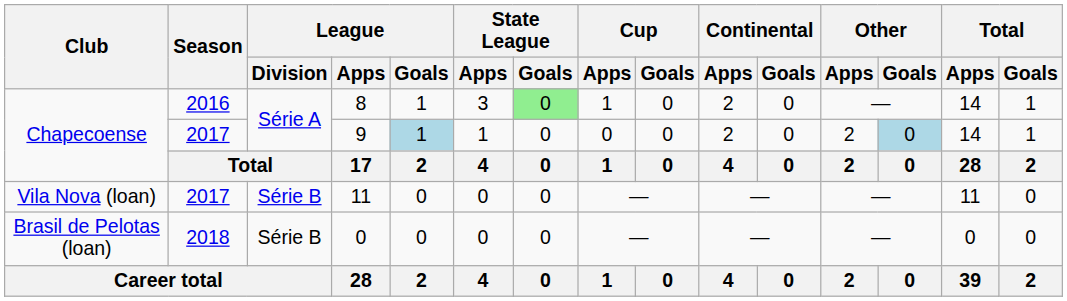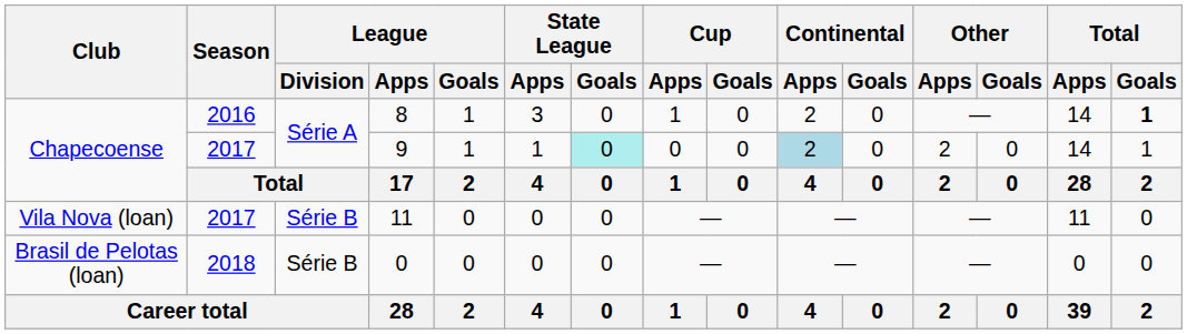 <table class="wikitable" style="text-align:center">
 <tr>
 <th rowspan="2">Club</th>
 <th rowspan="2">Season</th>
 <th colspan="3">League</th>
 <th colspan="2">State League</th>
 <th colspan="2">Cup</th>
 <th colspan="2">Continental</th>
 <th colspan="2">Other</th>
 <th colspan="2">Total</th>
 </tr>
 <tr>
 <th>Division</th>
 <th>Apps</th>
 <th>Goals</th>
 <th>Apps</th>
 <th>Goals</th>
 <th>Apps</th>
 <th>Goals</th>
 <th>Apps</th>
 <th>Goals</th>
 <th>Apps</th>
 <th>Goals</th>
 <th>Apps</th>
 <th>Goals</th>
 </tr>
 <tr>
 <td rowspan="3"><a href='#'>Chapecoense</a></td>
 <td><a href='#'>2016</a></td>
 <td rowspan="2"><a href='#'>Série A</a></td>
 <td>8</td>
 <td>1</td>
 <td>3</td>
-<td style="background: lightgreen;">0</td>
+<td>0</td>
 <td>1</td>
 <td>0</td>
 <td>2</td>
 <td>0</td>
 <td colspan="2">—</td>
 <td>14</td>
-<td>1</td>
+<td><strong>1</strong></td>
 </tr>
 <tr>
 <td><a href='#'>2017</a></td>
 <td>9</td>
-<td style="background: lightblue;">1</td>
 <td>1</td>
+<td>1</td>
+<td style="background: paleturquoise;">0</td>
 <td>0</td>
 <td>0</td>
+<td style="background: lightblue;">2</td>
 <td>0</td>
 <td>2</td>
 <td>0</td>
-<td>2</td>
-<td style="background: lightblue;">0</td>
 <td>14</td>
 <td>1</td>
 </tr>
 <tr>
 <th colspan="2">Total</th>
 <th>17</th>
 <th>2</th>
 <th>4</th>
 <th>0</th>
 <th>1</th>
 <th>0</th>
 <th>4</th>
 <th>0</th>
 <th>2</th>
 <th>0</th>
 <th>28</th>
 <th>2</th>
 </tr>
 <tr>
 <td><a href='#'>Vila Nova</a> (loan)</td>
 <td><a href='#'>2017</a></td>
 <td><a href='#'>Série B</a></td>
 <td>11</td>
 <td>0</td>
 <td>0</td>
 <td>0</td>
 <td colspan="2">—</td>
 <td colspan="2">—</td>
 <td colspan="2">—</td>
 <td>11</td>
 <td>0</td>
 </tr>
 <tr>
 <td><a href='#'>Brasil de Pelotas</a> (loan)</td>
 <td><a href='#'>2018</a></td>
 <td>Série B</td>
 <td>0</td>
 <td>0</td>
 <td>0</td>
 <td>0</td>
 <td colspan="2">—</td>
 <td colspan="2">—</td>
 <td colspan="2">—</td>
 <td>0</td>
 <td>0</td>
 </tr>
 <tr>
 <th colspan="3">Career total</th>
 <th>28</th>
 <th>2</th>
 <th>4</th>
 <th>0</th>
 <th>1</th>
 <th>0</th>
 <th>4</th>
 <th>0</th>
 <th>2</th>
 <th>0</th>
 <th>39</th>
 <th>2</th>
 </tr>
 </table>
